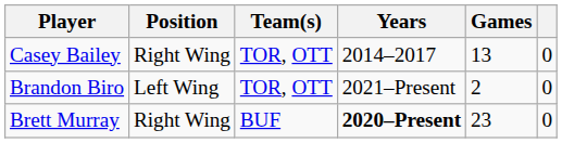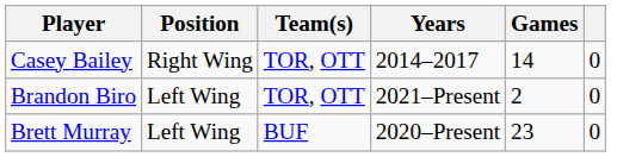 <table class="wikitable sortable">
 <tr>
 <th>Player</th>
 <th>Position</th>
 <th>Team(s)</th>
 <th>Years</th>
 <th>Games</th>
 <th><a href='#'></a></th>
 </tr>
 <tr>
 <td><a href='#'>Casey Bailey</a></td>
 <td>Right Wing</td>
 <td><a href='#'>TOR</a>, <a href='#'>OTT</a></td>
 <td>2014–2017</td>
-<td>13</td>
+<td>14</td>
 <td>0</td>
 </tr>
 <tr>
 <td><a href='#'>Brandon Biro</a></td>
 <td>Left Wing</td>
 <td><a href='#'>TOR</a>, <a href='#'>OTT</a></td>
 <td>2021–Present</td>
 <td>2</td>
 <td>0</td>
 </tr>
 <tr>
 <td><a href='#'>Brett Murray</a></td>
-<td>Right Wing</td>
+<td>Left Wing</td>
 <td><a href='#'>BUF</a></td>
-<td><strong>2020–Present</strong></td>
+<td>2020–Present</td>
 <td>23</td>
 <td>0</td>
 </tr>
 </table>
